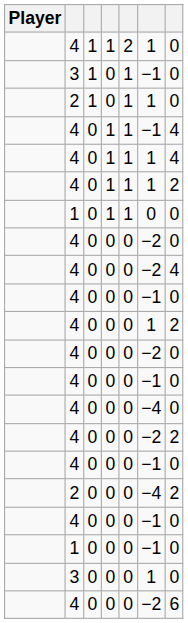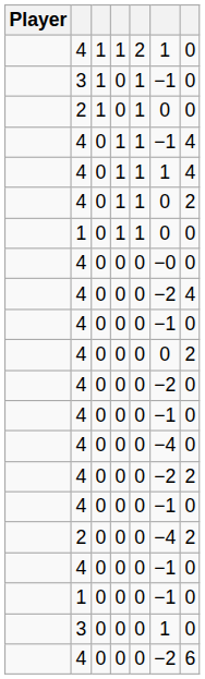 <table class="wikitable sortable" style="text-align:center;">
 <tr align=center>
 <th>Player</th>
 <th></th>
 <th></th>
 <th></th>
 <th></th>
 <th data-sort-type="number"></th>
 <th></th>
 </tr>
 <tr>
 <td></td>
 <td>4</td>
 <td>1</td>
 <td>1</td>
 <td>2</td>
 <td>1</td>
 <td>0</td>
 </tr>
 <tr>
 <td></td>
 <td>3</td>
 <td>1</td>
 <td>0</td>
 <td>1</td>
 <td>−1</td>
 <td>0</td>
 </tr>
 <tr>
 <td></td>
 <td>2</td>
 <td>1</td>
 <td>0</td>
 <td>1</td>
-<td>1</td>
+<td>0</td>
 <td>0</td>
 </tr>
 <tr>
 <td></td>
 <td>4</td>
 <td>0</td>
 <td>1</td>
 <td>1</td>
 <td>−1</td>
 <td>4</td>
 </tr>
 <tr>
 <td></td>
 <td>4</td>
 <td>0</td>
 <td>1</td>
 <td>1</td>
 <td>1</td>
 <td>4</td>
 </tr>
 <tr>
 <td></td>
 <td>4</td>
 <td>0</td>
 <td>1</td>
 <td>1</td>
-<td>1</td>
+<td>0</td>
 <td>2</td>
 </tr>
 <tr>
 <td></td>
 <td>1</td>
 <td>0</td>
 <td>1</td>
 <td>1</td>
 <td>0</td>
 <td>0</td>
 </tr>
 <tr>
 <td></td>
 <td>4</td>
 <td>0</td>
 <td>0</td>
 <td>0</td>
-<td>−2</td>
+<td>−0</td>
 <td>0</td>
 </tr>
 <tr>
 <td></td>
 <td>4</td>
 <td>0</td>
 <td>0</td>
 <td>0</td>
 <td>−2</td>
 <td>4</td>
 </tr>
 <tr>
 <td></td>
 <td>4</td>
 <td>0</td>
 <td>0</td>
 <td>0</td>
 <td>−1</td>
 <td>0</td>
 </tr>
 <tr>
 <td></td>
 <td>4</td>
 <td>0</td>
 <td>0</td>
 <td>0</td>
-<td>1</td>
+<td>0</td>
 <td>2</td>
 </tr>
 <tr>
 <td></td>
 <td>4</td>
 <td>0</td>
 <td>0</td>
 <td>0</td>
 <td>−2</td>
 <td>0</td>
 </tr>
 <tr>
 <td></td>
 <td>4</td>
 <td>0</td>
 <td>0</td>
 <td>0</td>
 <td>−1</td>
 <td>0</td>
 </tr>
 <tr>
 <td></td>
 <td>4</td>
 <td>0</td>
 <td>0</td>
 <td>0</td>
 <td>−4</td>
 <td>0</td>
 </tr>
 <tr>
 <td></td>
 <td>4</td>
 <td>0</td>
 <td>0</td>
 <td>0</td>
 <td>−2</td>
 <td>2</td>
 </tr>
 <tr>
 <td></td>
 <td>4</td>
 <td>0</td>
 <td>0</td>
 <td>0</td>
 <td>−1</td>
 <td>0</td>
 </tr>
 <tr>
 <td></td>
 <td>2</td>
 <td>0</td>
 <td>0</td>
 <td>0</td>
 <td>−4</td>
 <td>2</td>
 </tr>
 <tr>
 <td></td>
 <td>4</td>
 <td>0</td>
 <td>0</td>
 <td>0</td>
 <td>−1</td>
 <td>0</td>
 </tr>
 <tr>
 <td></td>
 <td>1</td>
 <td>0</td>
 <td>0</td>
 <td>0</td>
 <td>−1</td>
 <td>0</td>
 </tr>
 <tr>
 <td></td>
 <td>3</td>
 <td>0</td>
 <td>0</td>
 <td>0</td>
 <td>1</td>
 <td>0</td>
 </tr>
 <tr>
 <td></td>
 <td>4</td>
 <td>0</td>
 <td>0</td>
 <td>0</td>
 <td>−2</td>
 <td>6</td>
 </tr>
 </table>
